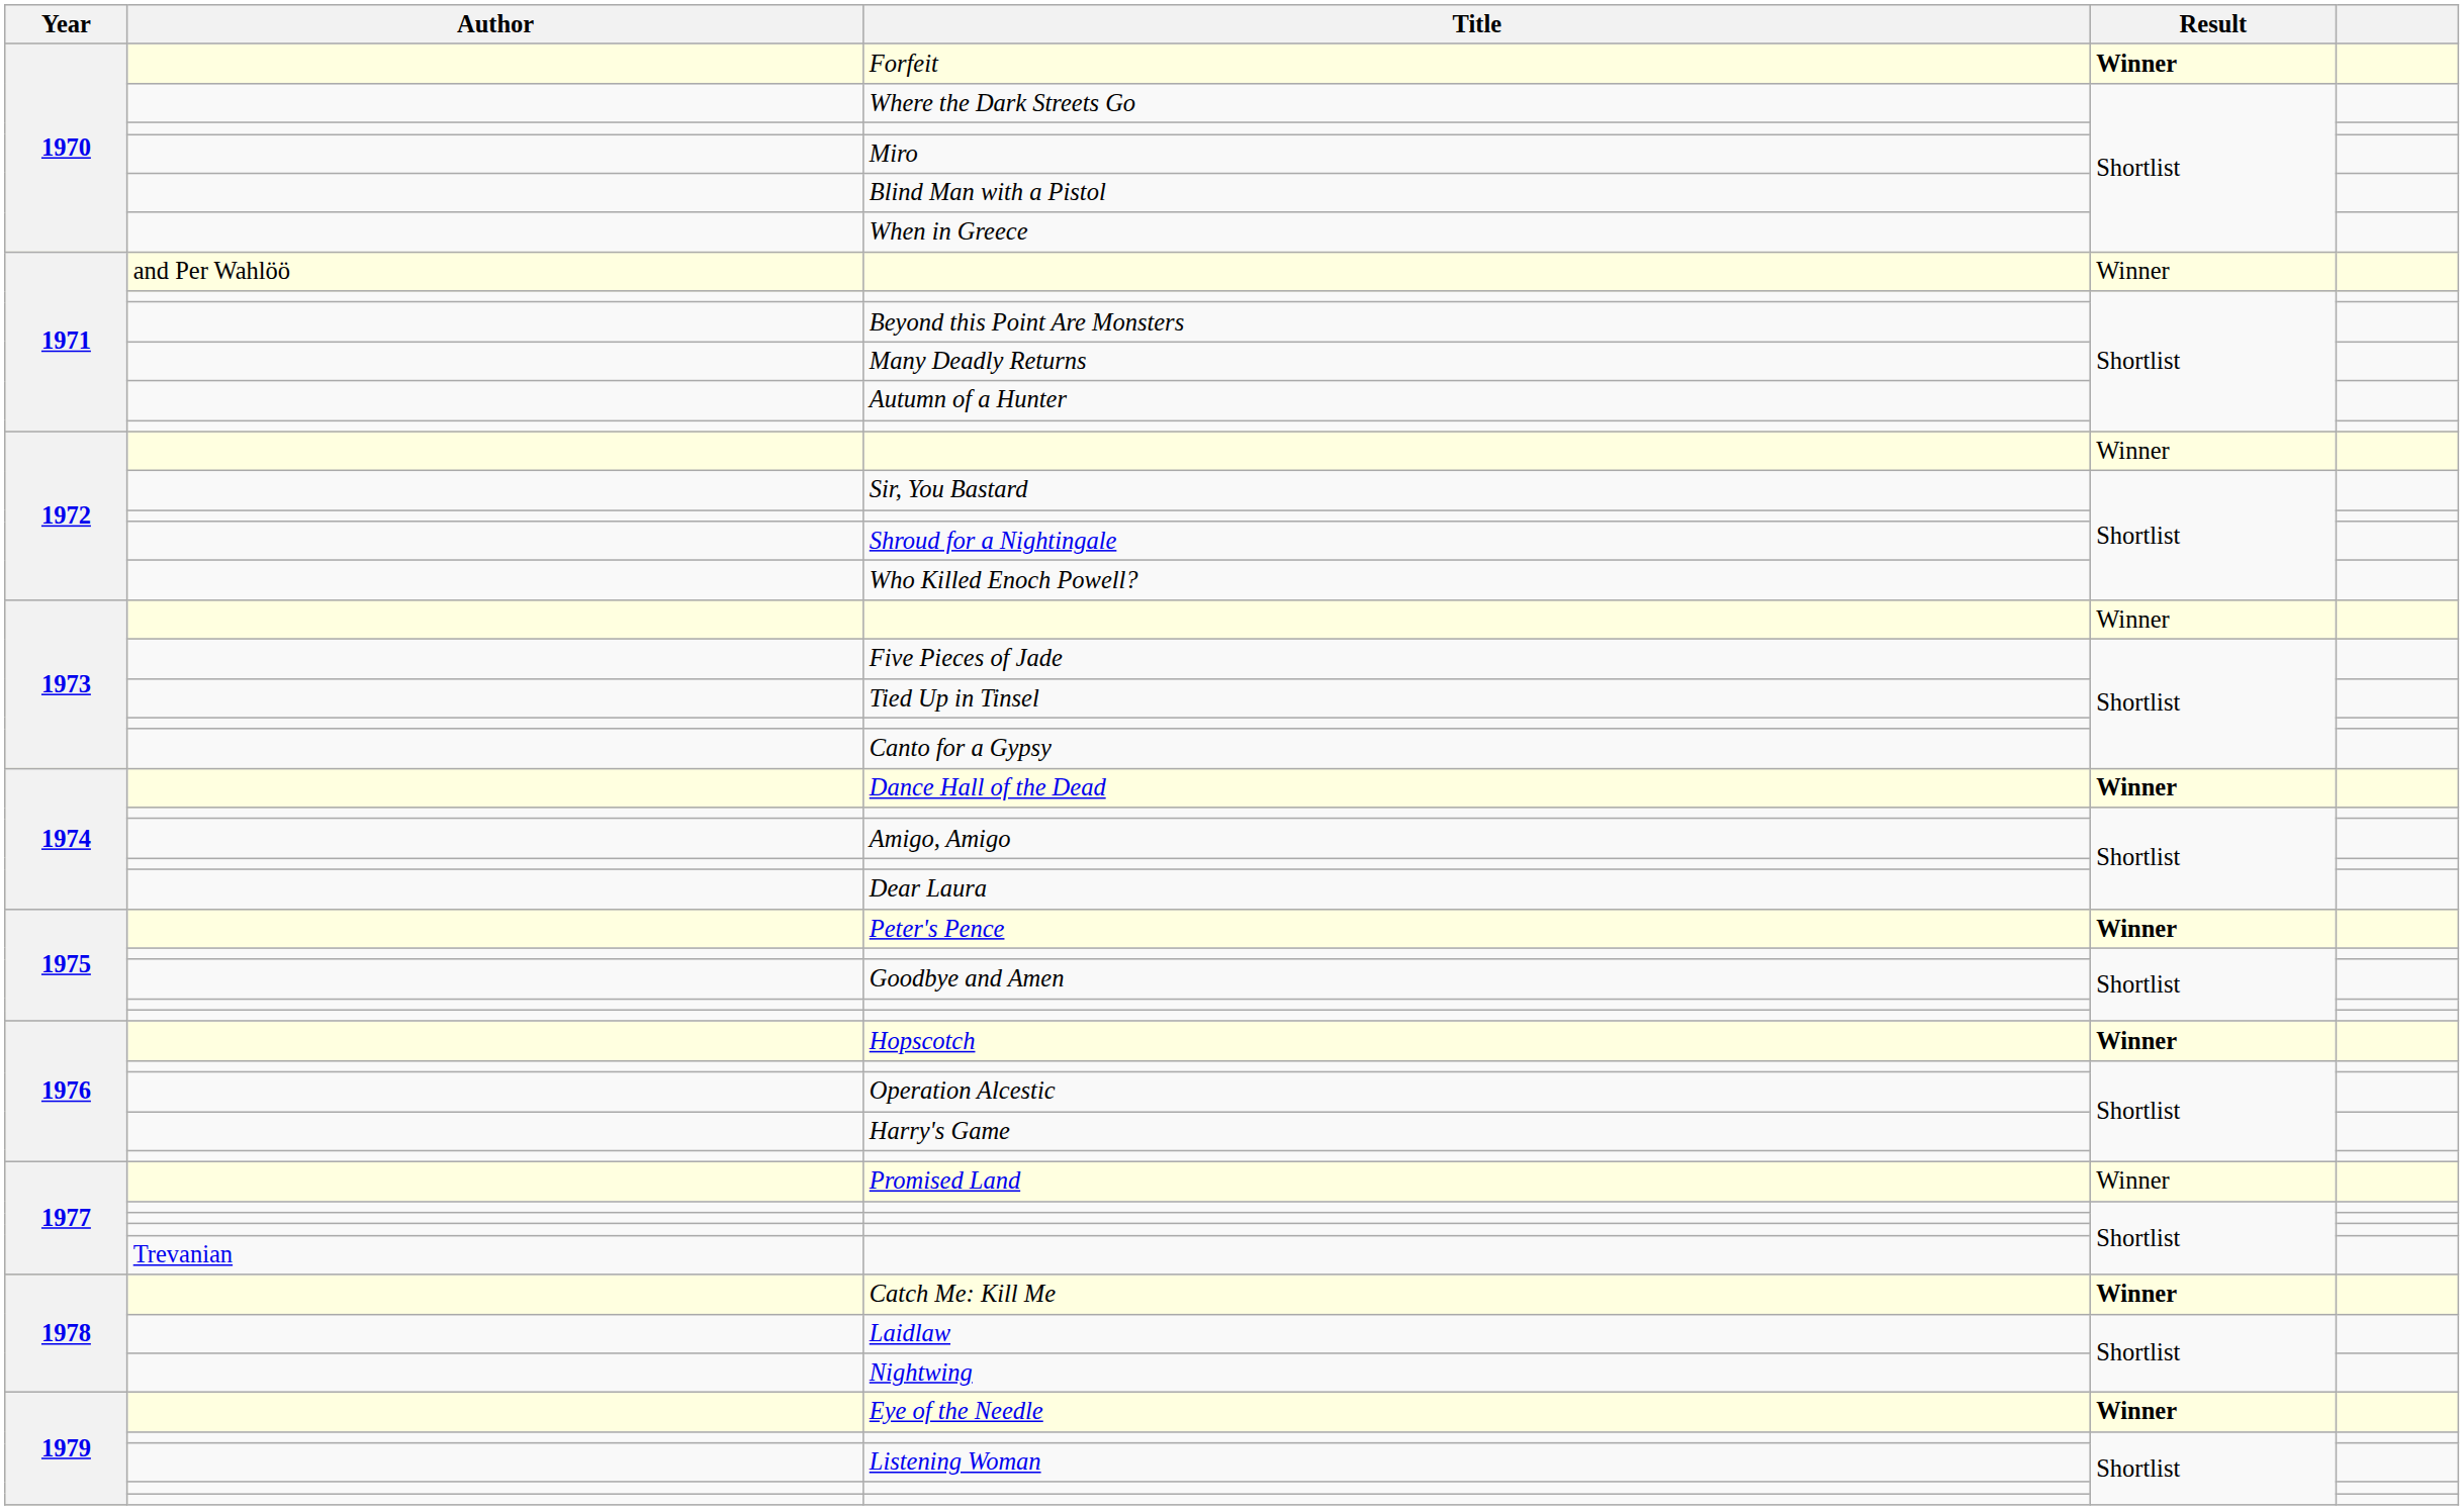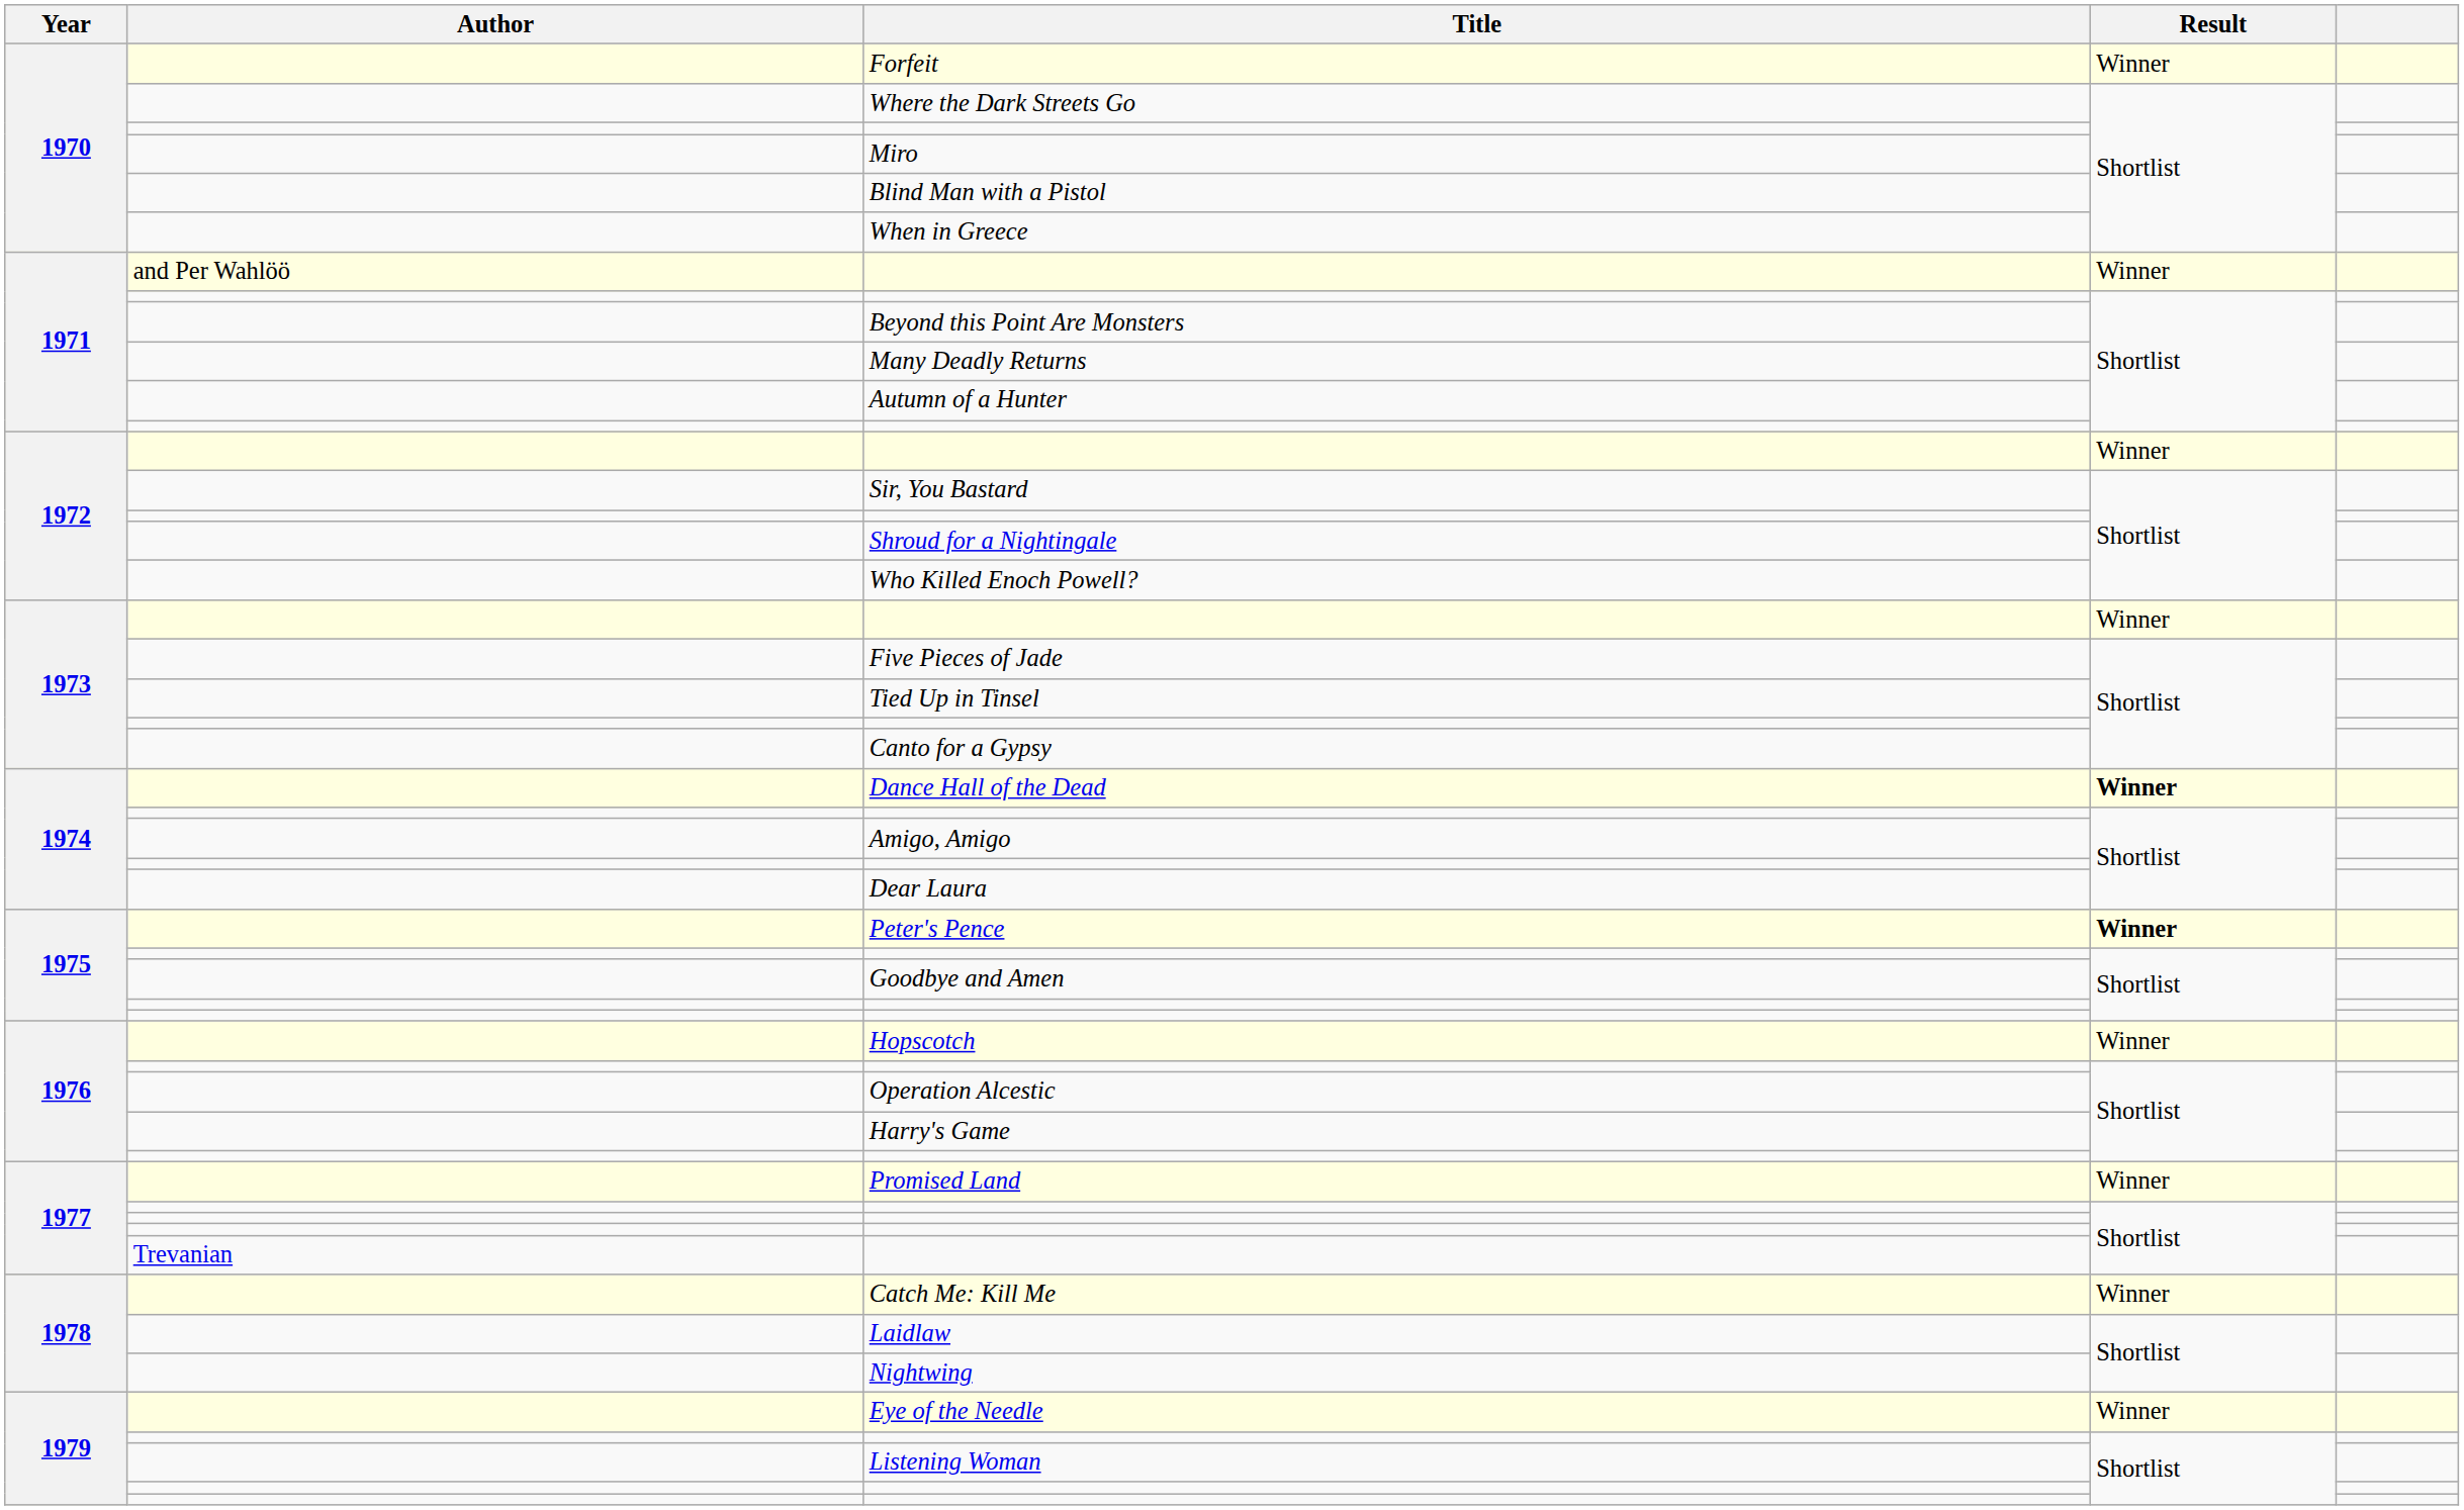 <table class="wikitable sortable mw-collapsible" style="width:80%">
 <tr>
 <th scope="col" width="5%">Year</th>
 <th scope="col" width="30%">Author</th>
 <th scope="col" width="50%">Title</th>
 <th scope="col" width="10%">Result</th>
 <th scope="col" width="5%"></th>
 </tr>
 <tr style="background:lightyellow;">
 <th rowspan="6"><a href='#'>1970</a></th>
 <td></td>
 <td><em>Forfeit</em></td>
-<td><strong>Winner</strong></td>
+<td>Winner</td>
 <td></td>
 </tr>
 <tr>
 <td></td>
 <td><em>Where the Dark Streets Go</em></td>
 <td rowspan="5">Shortlist</td>
 <td></td>
 </tr>
 <tr>
 <td></td>
 <td></td>
 <td></td>
 </tr>
 <tr>
 <td></td>
 <td><em>Miro</em></td>
 <td></td>
 </tr>
 <tr>
 <td></td>
 <td><em>Blind Man with a Pistol</em></td>
 <td></td>
 </tr>
 <tr>
 <td></td>
 <td><em>When in Greece</em></td>
 <td></td>
 </tr>
 <tr style="background:lightyellow;">
 <th rowspan="6"><a href='#'>1971</a></th>
 <td> and Per Wahlöö</td>
 <td></td>
 <td>Winner</td>
 <td></td>
 </tr>
 <tr>
 <td></td>
 <td></td>
 <td rowspan="5">Shortlist</td>
 <td></td>
 </tr>
 <tr>
 <td></td>
 <td><em>Beyond this Point Are Monsters</em></td>
 <td></td>
 </tr>
 <tr>
 <td></td>
 <td><em>Many Deadly Returns</em></td>
 <td></td>
 </tr>
 <tr>
 <td></td>
 <td><em>Autumn of a Hunter</em></td>
 <td></td>
 </tr>
 <tr>
 <td></td>
 <td></td>
 <td></td>
 </tr>
 <tr style="background:lightyellow;">
 <th rowspan="5"><a href='#'>1972</a></th>
 <td></td>
 <td></td>
 <td>Winner</td>
 <td></td>
 </tr>
 <tr>
 <td></td>
 <td><em>Sir, You Bastard</em></td>
 <td rowspan="4">Shortlist</td>
 <td></td>
 </tr>
 <tr>
 <td></td>
 <td></td>
 <td></td>
 </tr>
 <tr>
 <td></td>
 <td><em><a href='#'>Shroud for a Nightingale</a></em></td>
 <td></td>
 </tr>
 <tr>
 <td></td>
 <td><em>Who Killed Enoch Powell?</em></td>
 <td></td>
 </tr>
 <tr style="background:lightyellow;">
 <th rowspan="5"><a href='#'>1973</a></th>
 <td></td>
 <td></td>
 <td>Winner</td>
 <td></td>
 </tr>
 <tr>
 <td></td>
 <td><em>Five Pieces of Jade</em></td>
 <td rowspan="4">Shortlist</td>
 <td></td>
 </tr>
 <tr>
 <td></td>
 <td><em>Tied Up in Tinsel</em></td>
 <td></td>
 </tr>
 <tr>
 <td></td>
 <td></td>
 <td></td>
 </tr>
 <tr>
 <td></td>
 <td><em>Canto for a Gypsy</em></td>
 <td></td>
 </tr>
 <tr style="background:lightyellow;">
 <th rowspan="5"><a href='#'>1974</a></th>
 <td></td>
 <td><em><a href='#'>Dance Hall of the Dead</a></em></td>
 <td><strong>Winner</strong></td>
 <td></td>
 </tr>
 <tr>
 <td></td>
 <td></td>
 <td rowspan="4">Shortlist</td>
 <td></td>
 </tr>
 <tr>
 <td></td>
 <td><em>Amigo, Amigo</em></td>
 <td></td>
 </tr>
 <tr>
 <td></td>
 <td></td>
 <td></td>
 </tr>
 <tr>
 <td></td>
 <td><em>Dear Laura</em></td>
 <td></td>
 </tr>
 <tr style="background:lightyellow;">
 <th rowspan="5"><a href='#'>1975</a></th>
 <td></td>
 <td><em><a href='#'>Peter's Pence</a></em></td>
 <td><strong>Winner</strong></td>
 <td></td>
 </tr>
 <tr>
 <td></td>
 <td></td>
 <td rowspan="4">Shortlist</td>
 <td></td>
 </tr>
 <tr>
 <td></td>
 <td><em>Goodbye and Amen</em></td>
 <td></td>
 </tr>
 <tr>
 <td></td>
 <td></td>
 <td></td>
 </tr>
 <tr>
 <td></td>
 <td></td>
 <td></td>
 </tr>
 <tr style="background:lightyellow;">
 <th rowspan="5"><a href='#'>1976</a></th>
 <td></td>
 <td><a href='#'><em>Hopscotch</em></a></td>
-<td><strong>Winner</strong></td>
+<td>Winner</td>
 <td></td>
 </tr>
 <tr>
 <td></td>
 <td></td>
 <td rowspan="4">Shortlist</td>
 <td></td>
 </tr>
 <tr>
 <td></td>
 <td><em>Operation Alcestic</em></td>
 <td></td>
 </tr>
 <tr>
 <td></td>
 <td><em>Harry's Game</em></td>
 <td></td>
 </tr>
 <tr>
 <td></td>
 <td></td>
 <td></td>
 </tr>
 <tr style="background:lightyellow;">
 <th rowspan="5"><a href='#'>1977</a></th>
 <td></td>
 <td><em><a href='#'>Promised Land</a></em></td>
 <td>Winner</td>
 <td></td>
 </tr>
 <tr>
 <td></td>
 <td></td>
 <td rowspan="4">Shortlist</td>
 <td></td>
 </tr>
 <tr>
 <td></td>
 <td></td>
 <td></td>
 </tr>
 <tr>
 <td></td>
 <td></td>
 <td></td>
 </tr>
 <tr>
 <td><a href='#'>Trevanian</a></td>
 <td></td>
 <td></td>
 </tr>
 <tr style="background:lightyellow;">
 <th rowspan="3"><a href='#'>1978</a></th>
 <td></td>
 <td><em>Catch Me: Kill Me</em></td>
-<td><strong>Winner</strong></td>
+<td>Winner</td>
 <td></td>
 </tr>
 <tr>
 <td></td>
 <td><em><a href='#'>Laidlaw</a></em></td>
 <td rowspan="2">Shortlist</td>
 <td></td>
 </tr>
 <tr>
 <td></td>
 <td><em><a href='#'>Nightwing</a></em></td>
 <td></td>
 </tr>
 <tr style="background:lightyellow;">
 <th rowspan="5"><a href='#'>1979</a></th>
 <td></td>
 <td><em><a href='#'>Eye of the Needle</a></em></td>
-<td><strong>Winner</strong></td>
+<td>Winner</td>
 <td></td>
 </tr>
 <tr>
 <td></td>
 <td></td>
 <td rowspan="4">Shortlist</td>
 <td></td>
 </tr>
 <tr>
 <td></td>
 <td><em><a href='#'>Listening Woman</a></em></td>
 <td></td>
 </tr>
 <tr>
 <td></td>
 <td></td>
 <td></td>
 </tr>
 <tr>
 <td></td>
 <td></td>
 <td></td>
 </tr>
 </table>
